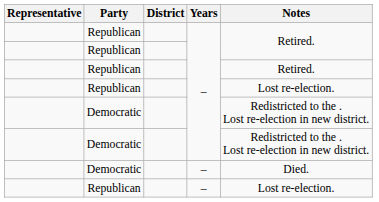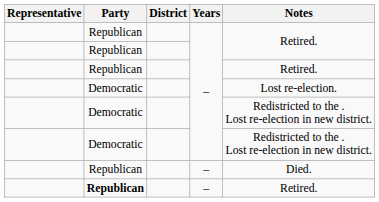 <table class="wikitable sortable" style="text-align:center">
 <tr valign=bottom>
 <th>Representative</th>
 <th>Party</th>
 <th>District</th>
 <th>Years</th>
 <th>Notes</th>
 </tr>
 <tr>
 <td align=left></td>
 <td>Republican</td>
 <td></td>
 <td rowspan="6" nowrap=""> –<br></td>
 <td rowspan="2">Retired.</td>
 </tr>
 <tr>
 <td align=left></td>
 <td>Republican</td>
 <td></td>
 </tr>
 <tr>
 <td align=left></td>
 <td>Republican</td>
 <td></td>
 <td>Retired.</td>
 </tr>
 <tr>
 <td align=left></td>
-<td>Republican</td>
+<td>Democratic</td>
 <td></td>
 <td>Lost re-election.</td>
 </tr>
 <tr>
 <td align=left></td>
 <td>Democratic</td>
 <td></td>
 <td>Redistricted to the .<br>Lost re-election in new district.</td>
 </tr>
 <tr>
 <td align=left></td>
 <td>Democratic</td>
 <td></td>
 <td>Redistricted to the .<br>Lost re-election in new district.</td>
 </tr>
 <tr>
 <td align=left></td>
-<td>Democratic</td>
+<td>Republican</td>
 <td></td>
 <td nowrap> –<br></td>
 <td>Died.</td>
 </tr>
 <tr>
 <td align=left></td>
-<td>Republican</td>
+<td><strong>Republican</strong></td>
 <td></td>
 <td nowrap> –<br></td>
-<td>Lost re-election.</td>
+<td>Retired.</td>
 </tr>
 </table>
